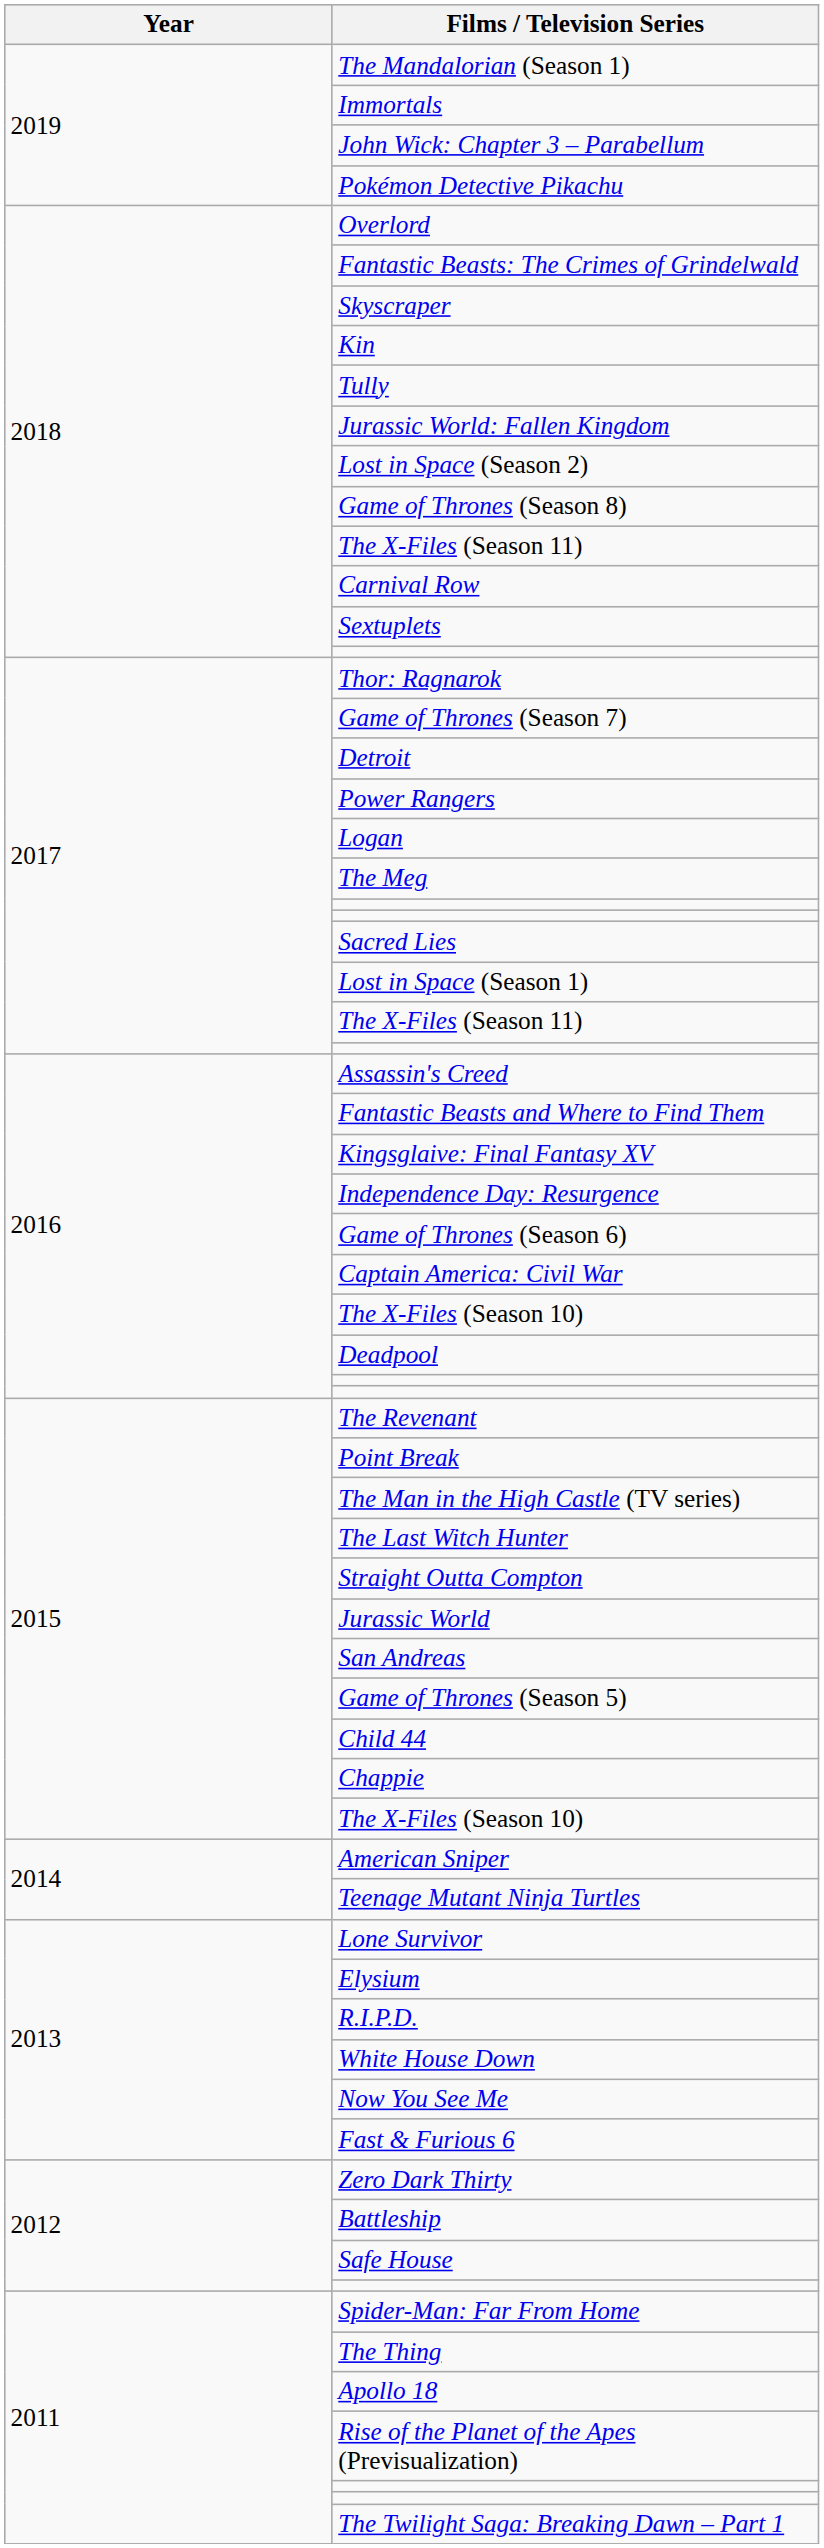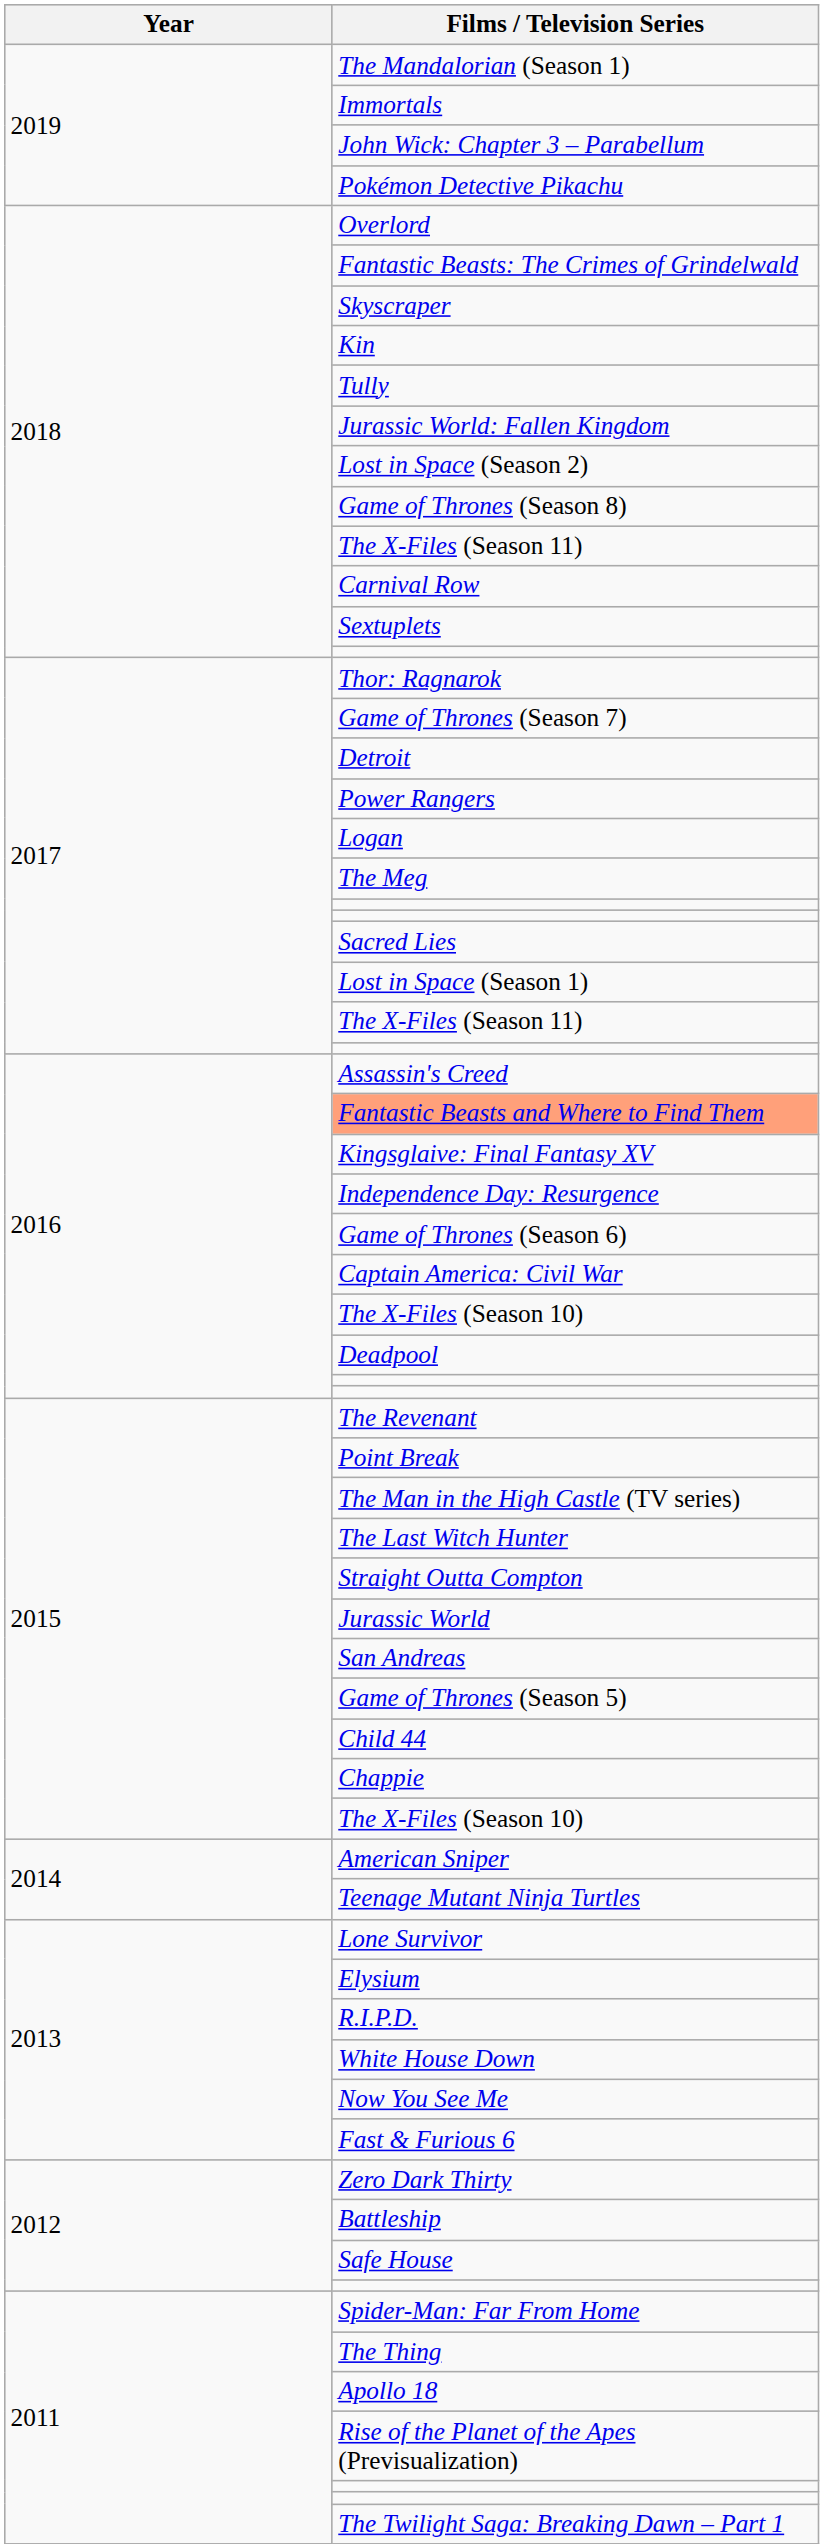 <table class="wikitable sortable">
 <tr>
 <th scope="col" style="width: 200px;">Year</th>
 <th scope="col" style="width: 300px;">Films / Television Series</th>
 </tr>
 <tr>
 <td colspan="1" rowspan="4">2019</td>
 <td><em><a href='#'>The Mandalorian</a></em> (Season 1)</td>
 </tr>
 <tr>
 <td><em><a href='#'>Immortals</a></em></td>
 </tr>
 <tr>
 <td><em><a href='#'>John Wick: Chapter 3 – Parabellum</a></em></td>
 </tr>
 <tr>
 <td><em><a href='#'>Pokémon Detective Pikachu</a></em></td>
 </tr>
 <tr>
 <td rowspan="12">2018</td>
 <td><em><a href='#'>Overlord</a></em></td>
 </tr>
 <tr>
 <td><em><a href='#'>Fantastic Beasts: The Crimes of Grindelwald</a></em></td>
 </tr>
 <tr>
 <td><em><a href='#'>Skyscraper</a></em></td>
 </tr>
 <tr>
 <td><em><a href='#'>Kin</a></em></td>
 </tr>
 <tr>
 <td><em><a href='#'>Tully</a></em></td>
 </tr>
 <tr>
 <td><em><a href='#'>Jurassic World: Fallen Kingdom</a></em></td>
 </tr>
 <tr>
 <td><em><a href='#'>Lost in Space</a></em> (Season 2)</td>
 </tr>
 <tr>
 <td><em><a href='#'>Game of Thrones</a></em> (Season 8)</td>
 </tr>
 <tr>
 <td><em><a href='#'>The X-Files</a></em> (Season 11)</td>
 </tr>
 <tr>
 <td><em><a href='#'>Carnival Row</a></em></td>
 </tr>
 <tr>
 <td><em><a href='#'>Sextuplets</a></em></td>
 </tr>
 <tr>
 <td><em> </em></td>
 </tr>
 <tr>
 <td rowspan="12">2017</td>
 <td><em><a href='#'>Thor: Ragnarok</a></em></td>
 </tr>
 <tr>
 <td><em><a href='#'>Game of Thrones</a></em> (Season 7)</td>
 </tr>
 <tr>
 <td><em><a href='#'>Detroit</a></em></td>
 </tr>
 <tr>
 <td><em><a href='#'>Power Rangers</a></em></td>
 </tr>
 <tr>
 <td><em><a href='#'>Logan</a></em></td>
 </tr>
 <tr>
 <td><em><a href='#'>The Meg</a></em></td>
 </tr>
 <tr>
 <td><em></em></td>
 </tr>
 <tr>
 <td><em></em></td>
 </tr>
 <tr>
 <td><em><a href='#'>Sacred Lies</a></em></td>
 </tr>
 <tr>
 <td><em><a href='#'>Lost in Space</a></em> (Season 1)</td>
 </tr>
 <tr>
 <td><em><a href='#'>The X-Files</a></em> (Season 11)</td>
 </tr>
 <tr>
 <td><em></em></td>
 </tr>
 <tr>
 <td rowspan="10">2016</td>
 <td><em><a href='#'>Assassin's Creed</a></em></td>
 </tr>
 <tr>
-<td><em><a href='#'>Fantastic Beasts and Where to Find Them</a></em></td>
+<td style="background: lightsalmon;"><em><a href='#'>Fantastic Beasts and Where to Find Them</a></em></td>
 </tr>
 <tr>
 <td><em><a href='#'>Kingsglaive: Final Fantasy XV</a></em></td>
 </tr>
 <tr>
 <td><em><a href='#'>Independence Day: Resurgence</a></em></td>
 </tr>
 <tr>
 <td><em><a href='#'>Game of Thrones</a></em> (Season 6)</td>
 </tr>
 <tr>
 <td><em><a href='#'>Captain America: Civil War</a></em></td>
 </tr>
 <tr>
 <td><em><a href='#'>The X-Files</a></em> (Season 10)</td>
 </tr>
 <tr>
 <td><em><a href='#'>Deadpool</a></em></td>
 </tr>
 <tr>
 <td><em></em></td>
 </tr>
 <tr>
 <td><em></em></td>
 </tr>
 <tr>
 <td rowspan="11">2015</td>
 <td><em><a href='#'>The Revenant</a></em></td>
 </tr>
 <tr>
 <td><em><a href='#'>Point Break</a></em></td>
 </tr>
 <tr>
 <td><em><a href='#'>The Man in the High Castle</a></em> (TV series)</td>
 </tr>
 <tr>
 <td><em><a href='#'>The Last Witch Hunter</a></em></td>
 </tr>
 <tr>
 <td><em><a href='#'>Straight Outta Compton</a></em></td>
 </tr>
 <tr>
 <td><em><a href='#'>Jurassic World</a></em></td>
 </tr>
 <tr>
 <td><em><a href='#'>San Andreas</a></em></td>
 </tr>
 <tr>
 <td><em><a href='#'>Game of Thrones</a></em> (Season 5)</td>
 </tr>
 <tr>
 <td><em><a href='#'>Child 44</a></em></td>
 </tr>
 <tr>
 <td><em><a href='#'>Chappie</a></em></td>
 </tr>
 <tr>
 <td><em><a href='#'>The X-Files</a></em> (Season 10)</td>
 </tr>
 <tr>
 <td rowspan="2">2014</td>
 <td><em><a href='#'>American Sniper</a></em></td>
 </tr>
 <tr>
 <td><em><a href='#'>Teenage Mutant Ninja Turtles</a></em></td>
 </tr>
 <tr>
 <td rowspan="6">2013</td>
 <td><em><a href='#'>Lone Survivor</a></em></td>
 </tr>
 <tr>
 <td><em><a href='#'>Elysium</a></em></td>
 </tr>
 <tr>
 <td><em><a href='#'>R.I.P.D.</a></em></td>
 </tr>
 <tr>
 <td><em><a href='#'>White House Down</a></em></td>
 </tr>
 <tr>
 <td><em><a href='#'>Now You See Me</a></em></td>
 </tr>
 <tr>
 <td><em><a href='#'>Fast & Furious 6</a></em></td>
 </tr>
 <tr>
 <td rowspan="4">2012</td>
 <td><em><a href='#'>Zero Dark Thirty</a></em></td>
 </tr>
 <tr>
 <td><em><a href='#'>Battleship</a></em></td>
 </tr>
 <tr>
 <td><em><a href='#'>Safe House</a></em></td>
 </tr>
 <tr>
 <td><em></em></td>
 </tr>
 <tr>
 <td colspan="1" rowspan="7">2011</td>
 <td><em><a href='#'>Spider-Man: Far From Home</a></em></td>
 </tr>
 <tr>
 <td><em><a href='#'>The Thing</a></em></td>
 </tr>
 <tr>
 <td><em><a href='#'>Apollo 18</a></em></td>
 </tr>
 <tr>
 <td><em><a href='#'>Rise of the Planet of the Apes</a></em> (Previsualization)</td>
 </tr>
 <tr>
 <td><em></em></td>
 </tr>
 <tr>
 <td><em></em></td>
 </tr>
 <tr>
 <td><em><a href='#'>The Twilight Saga: Breaking Dawn – Part 1</a></em></td>
 </tr>
 </table>
